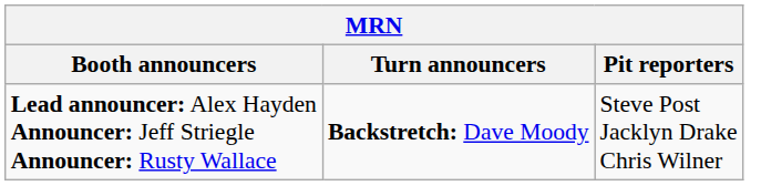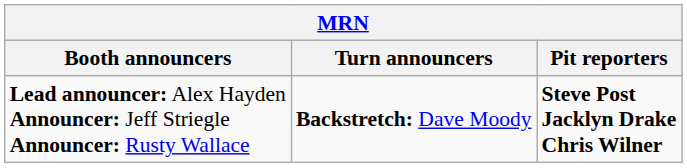 <table class="wikitable" style="font-size: 95%;">
 <tr>
 <th colspan="3"><a href='#'>MRN</a></th>
 </tr>
 <tr>
 <th>Booth announcers</th>
 <th>Turn announcers</th>
 <th>Pit reporters</th>
 </tr>
 <tr>
 <td><strong>Lead announcer:</strong> Alex Hayden<br><strong>Announcer:</strong> Jeff Striegle<br><strong>Announcer:</strong> <a href='#'>Rusty Wallace</a></td>
 <td><strong>Backstretch:</strong> <a href='#'>Dave Moody</a></td>
-<td>Steve Post<br>Jacklyn Drake<br>Chris Wilner</td>
+<td><strong>Steve Post<br>Jacklyn Drake<br>Chris Wilner</strong></td>
 </tr>
 </table>
